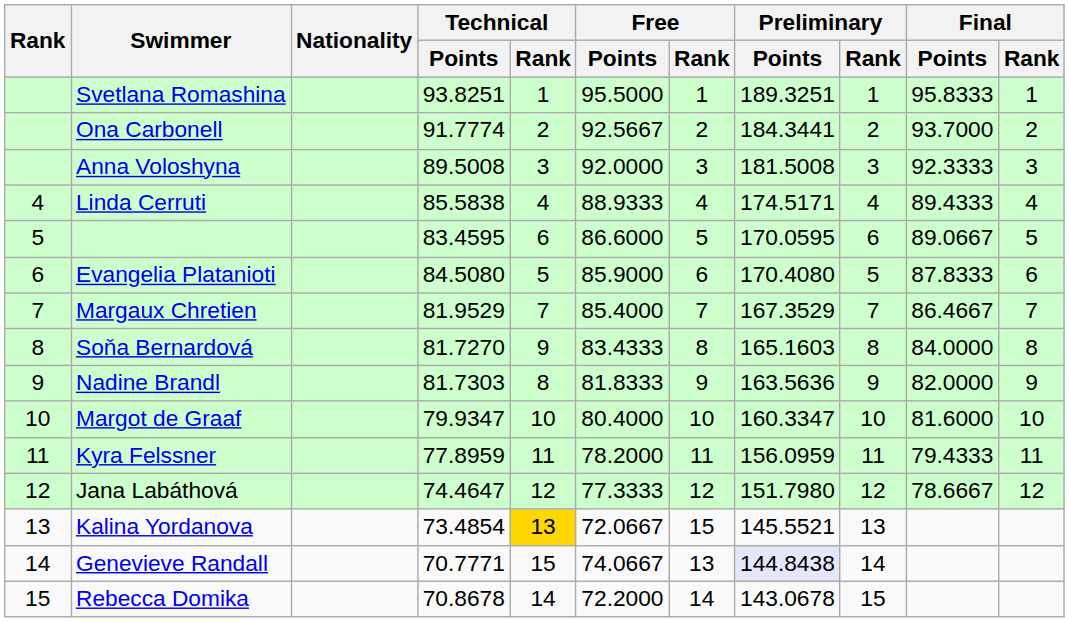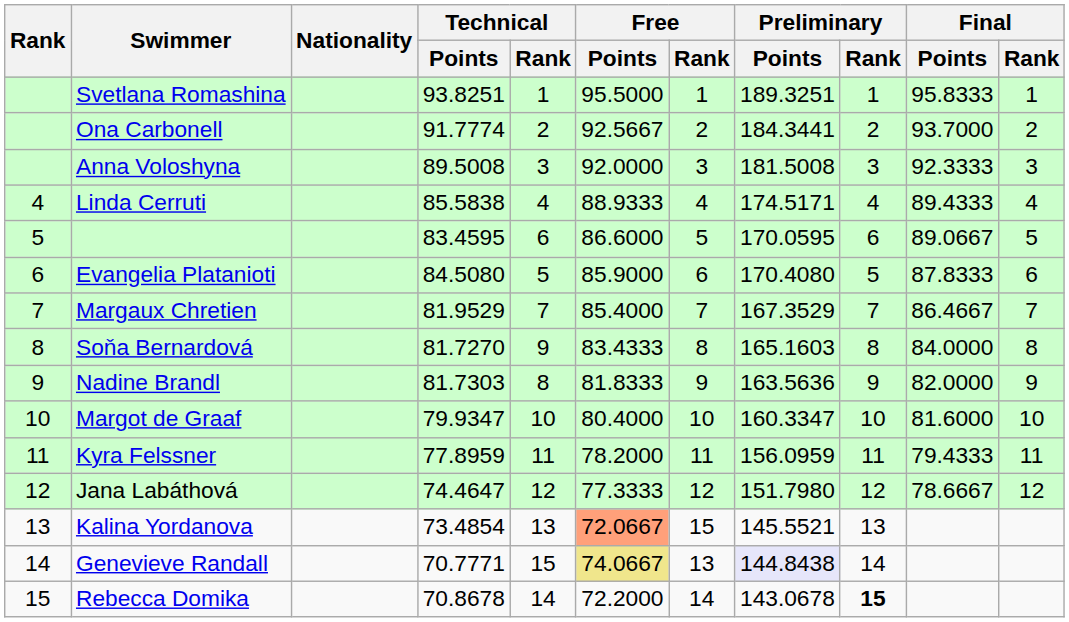 <table class="wikitable" style="text-align:center">
 <tr>
 <th rowspan="2">Rank</th>
 <th rowspan="2">Swimmer</th>
 <th rowspan="2">Nationality</th>
 <th colspan="2">Technical</th>
 <th colspan="2">Free</th>
 <th colspan="2">Preliminary</th>
 <th colspan="2">Final</th>
 </tr>
 <tr>
 <th>Points</th>
 <th>Rank</th>
 <th>Points</th>
 <th>Rank</th>
 <th>Points</th>
 <th>Rank</th>
 <th>Points</th>
 <th>Rank</th>
 </tr>
 <tr bgcolor=ccffcc>
 <td></td>
 <td align=left><a href='#'>Svetlana Romashina</a></td>
 <td align=left></td>
 <td>93.8251</td>
 <td>1</td>
 <td>95.5000</td>
 <td>1</td>
 <td>189.3251</td>
 <td>1</td>
 <td>95.8333</td>
 <td>1</td>
 </tr>
 <tr bgcolor=ccffcc>
 <td></td>
 <td align=left><a href='#'>Ona Carbonell</a></td>
 <td align=left></td>
 <td>91.7774</td>
 <td>2</td>
 <td>92.5667</td>
 <td>2</td>
 <td>184.3441</td>
 <td>2</td>
 <td>93.7000</td>
 <td>2</td>
 </tr>
 <tr bgcolor=ccffcc>
 <td></td>
 <td align=left><a href='#'>Anna Voloshyna</a></td>
 <td align=left></td>
 <td>89.5008</td>
 <td>3</td>
 <td>92.0000</td>
 <td>3</td>
 <td>181.5008</td>
 <td>3</td>
 <td>92.3333</td>
 <td>3</td>
 </tr>
 <tr bgcolor=ccffcc>
 <td>4</td>
 <td align=left><a href='#'>Linda Cerruti</a></td>
 <td align=left></td>
 <td>85.5838</td>
 <td>4</td>
 <td>88.9333</td>
 <td>4</td>
 <td>174.5171</td>
 <td>4</td>
 <td>89.4333</td>
 <td>4</td>
 </tr>
 <tr bgcolor=ccffcc>
 <td>5</td>
 <td align=left></td>
 <td align=left></td>
 <td>83.4595</td>
 <td>6</td>
 <td>86.6000</td>
 <td>5</td>
 <td>170.0595</td>
 <td>6</td>
 <td>89.0667</td>
 <td>5</td>
 </tr>
 <tr bgcolor=ccffcc>
 <td>6</td>
 <td align=left><a href='#'>Evangelia Platanioti</a></td>
 <td align=left></td>
 <td>84.5080</td>
 <td>5</td>
 <td>85.9000</td>
 <td>6</td>
 <td>170.4080</td>
 <td>5</td>
 <td>87.8333</td>
 <td>6</td>
 </tr>
 <tr bgcolor=ccffcc>
 <td>7</td>
 <td align=left><a href='#'>Margaux Chretien</a></td>
 <td align=left></td>
 <td>81.9529</td>
 <td>7</td>
 <td>85.4000</td>
 <td>7</td>
 <td>167.3529</td>
 <td>7</td>
 <td>86.4667</td>
 <td>7</td>
 </tr>
 <tr bgcolor=ccffcc>
 <td>8</td>
 <td align=left><a href='#'>Soňa Bernardová</a></td>
 <td align=left></td>
 <td>81.7270</td>
 <td>9</td>
 <td>83.4333</td>
 <td>8</td>
 <td>165.1603</td>
 <td>8</td>
 <td>84.0000</td>
 <td>8</td>
 </tr>
 <tr bgcolor=ccffcc>
 <td>9</td>
 <td align=left><a href='#'>Nadine Brandl</a></td>
 <td align=left></td>
 <td>81.7303</td>
 <td>8</td>
 <td>81.8333</td>
 <td>9</td>
 <td>163.5636</td>
 <td>9</td>
 <td>82.0000</td>
 <td>9</td>
 </tr>
 <tr bgcolor=ccffcc>
 <td>10</td>
 <td align=left><a href='#'>Margot de Graaf</a></td>
 <td align=left></td>
 <td>79.9347</td>
 <td>10</td>
 <td>80.4000</td>
 <td>10</td>
 <td>160.3347</td>
 <td>10</td>
 <td>81.6000</td>
 <td>10</td>
 </tr>
 <tr bgcolor=ccffcc>
 <td>11</td>
 <td align=left><a href='#'>Kyra Felssner</a></td>
 <td align=left></td>
 <td>77.8959</td>
 <td>11</td>
 <td>78.2000</td>
 <td>11</td>
 <td>156.0959</td>
 <td>11</td>
 <td>79.4333</td>
 <td>11</td>
 </tr>
 <tr bgcolor=ccffcc>
 <td>12</td>
 <td align=left>Jana Labáthová</td>
 <td align=left></td>
 <td>74.4647</td>
 <td>12</td>
 <td>77.3333</td>
 <td>12</td>
 <td>151.7980</td>
 <td>12</td>
 <td>78.6667</td>
 <td>12</td>
 </tr>
 <tr>
 <td>13</td>
 <td align=left><a href='#'>Kalina Yordanova</a></td>
 <td align=left></td>
 <td>73.4854</td>
-<td style="background: gold;">13</td>
-<td>72.0667</td>
+<td>13</td>
+<td style="background: lightsalmon;">72.0667</td>
 <td>15</td>
 <td>145.5521</td>
 <td>13</td>
 <td></td>
 <td></td>
 </tr>
 <tr>
 <td>14</td>
 <td align=left><a href='#'>Genevieve Randall</a></td>
 <td align=left></td>
 <td>70.7771</td>
 <td>15</td>
-<td>74.0667</td>
+<td style="background: khaki;">74.0667</td>
 <td>13</td>
 <td style="background: lavender;">144.8438</td>
 <td>14</td>
 <td></td>
 <td></td>
 </tr>
 <tr>
 <td>15</td>
 <td align=left><a href='#'>Rebecca Domika</a></td>
 <td align=left></td>
 <td>70.8678</td>
 <td>14</td>
 <td>72.2000</td>
 <td>14</td>
 <td>143.0678</td>
-<td>15</td>
+<td><strong>15</strong></td>
 <td></td>
 <td></td>
 </tr>
 </table>
